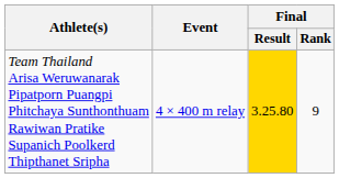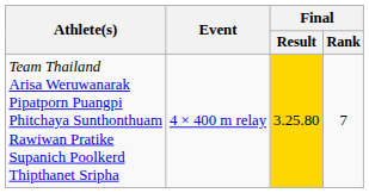 <table class="wikitable" style="font-size:90%">
 <tr>
 <th rowspan="2">Athlete(s)</th>
 <th rowspan="2">Event</th>
 <th colspan="2">Final</th>
 </tr>
 <tr style="font-size:95%">
 <th>Result</th>
 <th>Rank</th>
 </tr>
 <tr align=center>
 <td align=left><em>Team Thailand</em><br><a href='#'>Arisa Weruwanarak</a><br><a href='#'>Pipatporn Puangpi</a><br><a href='#'>Phitchaya Sunthonthuam</a><br><a href='#'>Rawiwan Pratike</a><br><a href='#'>Supanich Poolkerd</a><br><a href='#'>Thipthanet Sripha</a></td>
 <td style="text-align:left;"><a href='#'>4 × 400 m relay</a></td>
 <td style="background: gold;">3.25.80</td>
-<td>9</td>
+<td>7</td>
 </tr>
 </table>
